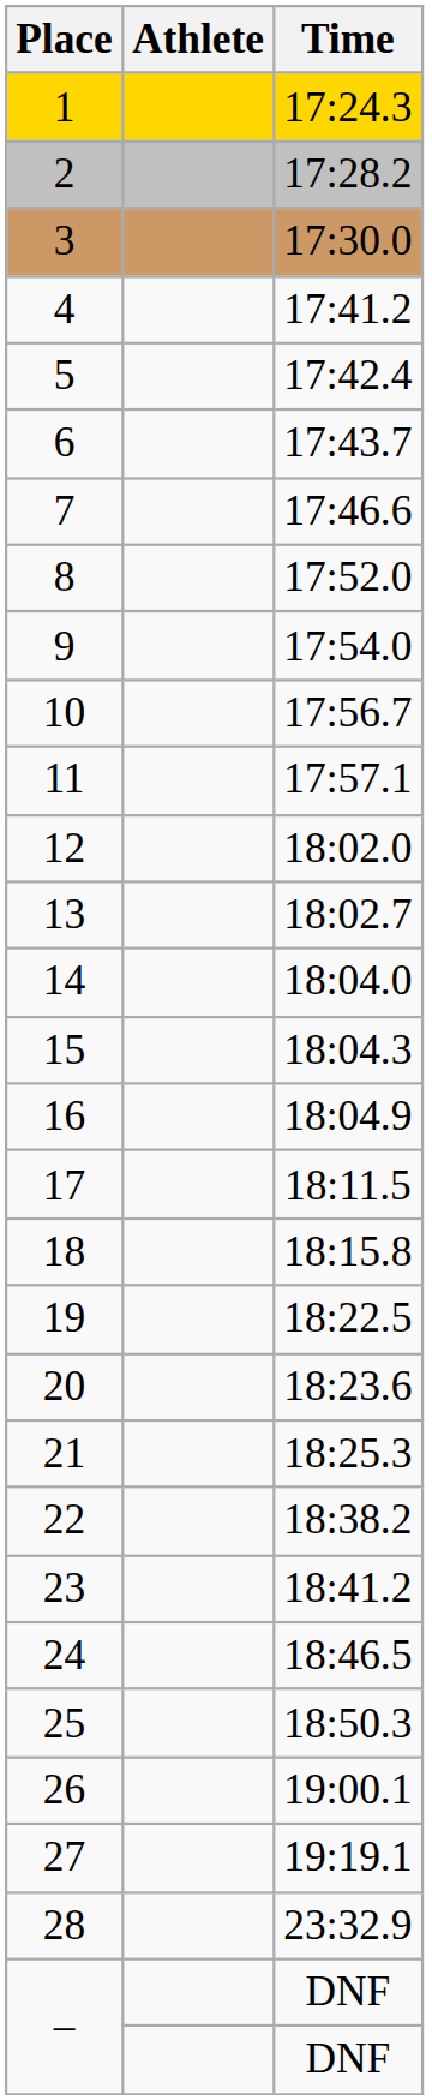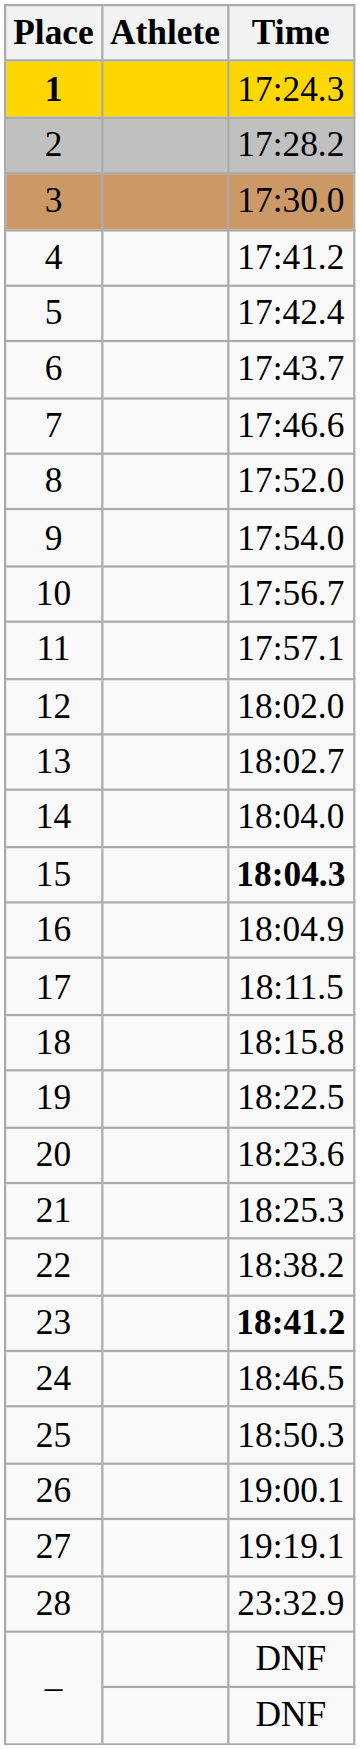 <table class="wikitable" style="text-align:center">
 <tr>
 <th>Place</th>
 <th>Athlete</th>
 <th>Time</th>
 </tr>
 <tr bgcolor=gold>
-<td>1</td>
+<td><strong>1</strong></td>
 <td align=left></td>
 <td>17:24.3</td>
 </tr>
 <tr bgcolor=silver>
 <td>2</td>
 <td align=left></td>
 <td>17:28.2</td>
 </tr>
 <tr bgcolor=cc9966>
 <td>3</td>
 <td align=left></td>
 <td>17:30.0</td>
 </tr>
 <tr>
 <td>4</td>
 <td align=left></td>
 <td>17:41.2</td>
 </tr>
 <tr>
 <td>5</td>
 <td align=left></td>
 <td>17:42.4</td>
 </tr>
 <tr>
 <td>6</td>
 <td align=left></td>
 <td>17:43.7</td>
 </tr>
 <tr>
 <td>7</td>
 <td align=left></td>
 <td>17:46.6</td>
 </tr>
 <tr>
 <td>8</td>
 <td align=left></td>
 <td>17:52.0</td>
 </tr>
 <tr>
 <td>9</td>
 <td align=left></td>
 <td>17:54.0</td>
 </tr>
 <tr>
 <td>10</td>
 <td align=left></td>
 <td>17:56.7</td>
 </tr>
 <tr>
 <td>11</td>
 <td align=left></td>
 <td>17:57.1</td>
 </tr>
 <tr>
 <td>12</td>
 <td align=left></td>
 <td>18:02.0</td>
 </tr>
 <tr>
 <td>13</td>
 <td align=left></td>
 <td>18:02.7</td>
 </tr>
 <tr>
 <td>14</td>
 <td align=left></td>
 <td>18:04.0</td>
 </tr>
 <tr>
 <td>15</td>
 <td align=left></td>
-<td>18:04.3</td>
+<td><strong>18:04.3</strong></td>
 </tr>
 <tr>
 <td>16</td>
 <td align=left></td>
 <td>18:04.9</td>
 </tr>
 <tr>
 <td>17</td>
 <td align=left></td>
 <td>18:11.5</td>
 </tr>
 <tr>
 <td>18</td>
 <td align=left></td>
 <td>18:15.8</td>
 </tr>
 <tr>
 <td>19</td>
 <td align=left></td>
 <td>18:22.5</td>
 </tr>
 <tr>
 <td>20</td>
 <td align=left></td>
 <td>18:23.6</td>
 </tr>
 <tr>
 <td>21</td>
 <td align=left></td>
 <td>18:25.3</td>
 </tr>
 <tr>
 <td>22</td>
 <td align=left></td>
 <td>18:38.2</td>
 </tr>
 <tr>
 <td>23</td>
 <td align=left></td>
-<td>18:41.2</td>
+<td><strong>18:41.2</strong></td>
 </tr>
 <tr>
 <td>24</td>
 <td align=left></td>
 <td>18:46.5</td>
 </tr>
 <tr>
 <td>25</td>
 <td align=left></td>
 <td>18:50.3</td>
 </tr>
 <tr>
 <td>26</td>
 <td align=left></td>
 <td>19:00.1</td>
 </tr>
 <tr>
 <td>27</td>
 <td align=left></td>
 <td>19:19.1</td>
 </tr>
 <tr>
 <td>28</td>
 <td align=left></td>
 <td>23:32.9</td>
 </tr>
 <tr>
 <td rowspan=2>–</td>
 <td align=left></td>
 <td>DNF</td>
 </tr>
 <tr>
 <td align=left></td>
 <td>DNF</td>
 </tr>
 </table>
